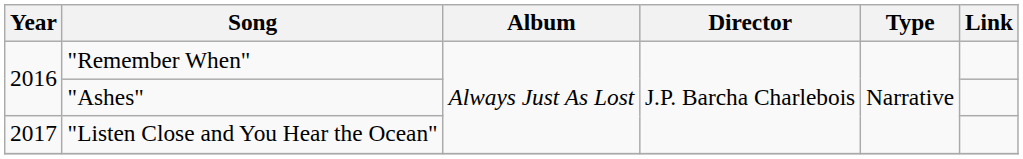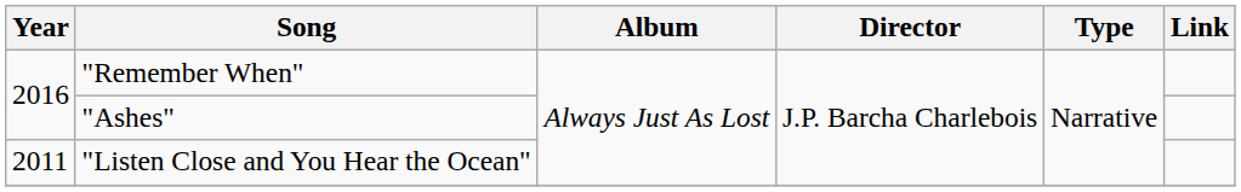 <table class="wikitable">
 <tr>
 <th>Year</th>
 <th>Song</th>
 <th>Album</th>
 <th>Director</th>
 <th>Type</th>
 <th>Link</th>
 </tr>
 <tr>
 <td rowspan=2>2016</td>
 <td>"Remember When"</td>
 <td rowspan=3><em>Always Just As Lost</em></td>
 <td rowspan=3>J.P. Barcha Charlebois</td>
 <td rowspan=3>Narrative</td>
 <td></td>
 </tr>
 <tr>
 <td>"Ashes"</td>
 <td></td>
 </tr>
 <tr>
-<td>2017</td>
+<td>2011</td>
 <td>"Listen Close and You Hear the Ocean"</td>
 <td></td>
 </tr>
 <tr>
 </tr>
 </table>
